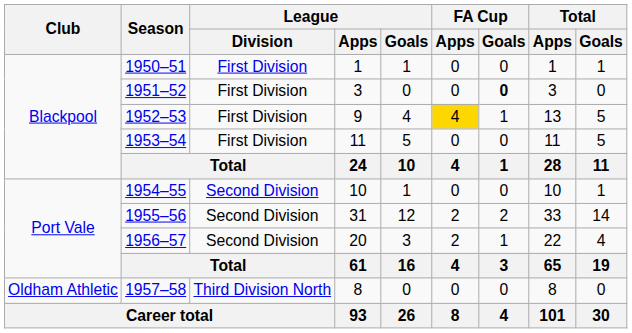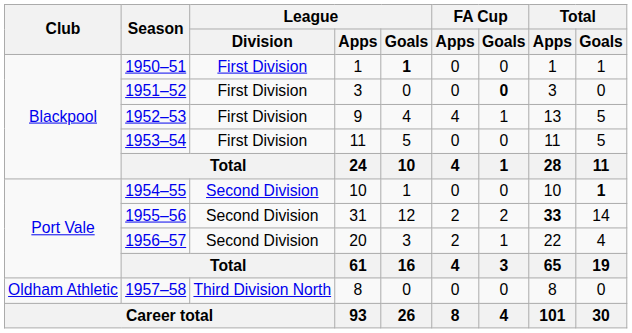 <table class="wikitable" style="text-align: center;">
 <tr>
 <th rowspan="2">Club</th>
 <th rowspan="2">Season</th>
 <th colspan="3">League</th>
 <th colspan="2">FA Cup</th>
 <th colspan="2">Total</th>
 </tr>
 <tr>
 <th>Division</th>
 <th>Apps</th>
 <th>Goals</th>
 <th>Apps</th>
 <th>Goals</th>
 <th>Apps</th>
 <th>Goals</th>
 </tr>
 <tr>
 <td rowspan="5"><a href='#'>Blackpool</a></td>
 <td><a href='#'>1950–51</a></td>
 <td><a href='#'>First Division</a></td>
 <td>1</td>
-<td>1</td>
+<td><strong>1</strong></td>
 <td>0</td>
 <td>0</td>
 <td>1</td>
 <td>1</td>
 </tr>
 <tr>
 <td><a href='#'>1951–52</a></td>
 <td>First Division</td>
 <td>3</td>
 <td>0</td>
 <td>0</td>
 <td><strong>0</strong></td>
 <td>3</td>
 <td>0</td>
 </tr>
 <tr>
 <td><a href='#'>1952–53</a></td>
 <td>First Division</td>
 <td>9</td>
 <td>4</td>
-<td style="background: gold;">4</td>
+<td>4</td>
 <td>1</td>
 <td>13</td>
 <td>5</td>
 </tr>
 <tr>
 <td><a href='#'>1953–54</a></td>
 <td>First Division</td>
 <td>11</td>
 <td>5</td>
 <td>0</td>
 <td>0</td>
 <td>11</td>
 <td>5</td>
 </tr>
 <tr>
 <th colspan="2">Total</th>
 <th>24</th>
 <th>10</th>
 <th>4</th>
 <th>1</th>
 <th>28</th>
 <th>11</th>
 </tr>
 <tr>
 <td rowspan="4"><a href='#'>Port Vale</a></td>
 <td><a href='#'>1954–55</a></td>
 <td><a href='#'>Second Division</a></td>
 <td>10</td>
 <td>1</td>
 <td>0</td>
 <td>0</td>
 <td>10</td>
-<td>1</td>
+<td><strong>1</strong></td>
 </tr>
 <tr>
 <td><a href='#'>1955–56</a></td>
 <td>Second Division</td>
 <td>31</td>
 <td>12</td>
 <td>2</td>
 <td>2</td>
-<td>33</td>
+<td><strong>33</strong></td>
 <td>14</td>
 </tr>
 <tr>
 <td><a href='#'>1956–57</a></td>
 <td>Second Division</td>
 <td>20</td>
 <td>3</td>
 <td>2</td>
 <td>1</td>
 <td>22</td>
 <td>4</td>
 </tr>
 <tr>
 <th colspan="2">Total</th>
 <th>61</th>
 <th>16</th>
 <th>4</th>
 <th>3</th>
 <th>65</th>
 <th>19</th>
 </tr>
 <tr>
 <td><a href='#'>Oldham Athletic</a></td>
 <td><a href='#'>1957–58</a></td>
 <td><a href='#'>Third Division North</a></td>
 <td>8</td>
 <td>0</td>
 <td>0</td>
 <td>0</td>
 <td>8</td>
 <td>0</td>
 </tr>
 <tr>
 <th colspan="3">Career total</th>
 <th>93</th>
 <th>26</th>
 <th>8</th>
 <th>4</th>
 <th>101</th>
 <th>30</th>
 </tr>
 </table>
